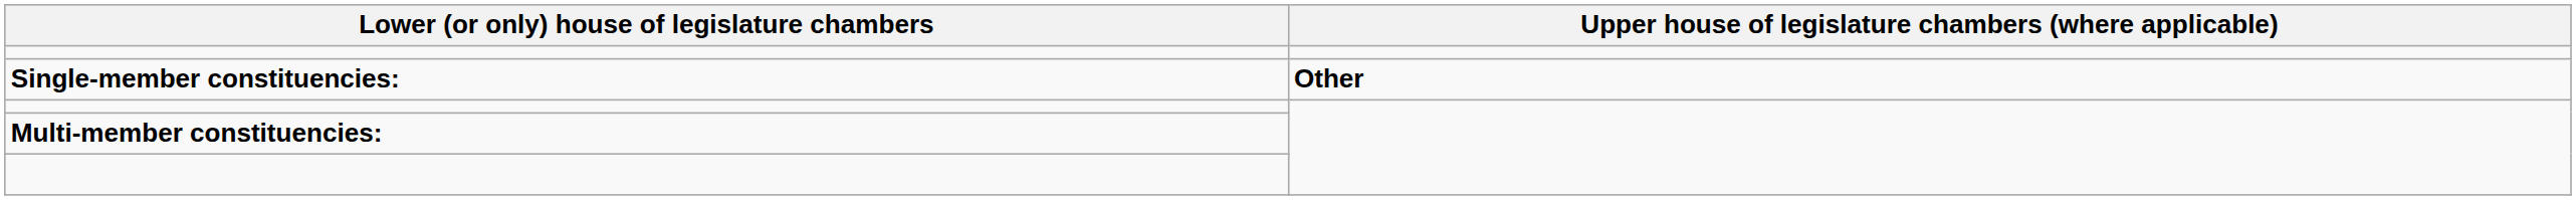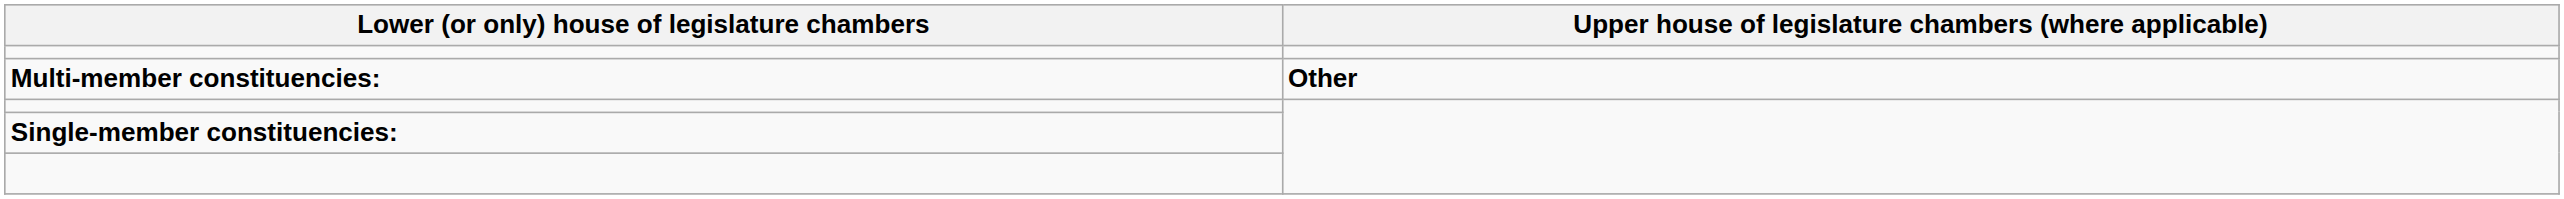 <table class="wikitable">
 <tr>
 <th>Lower (or only) house of legislature chambers</th>
 <th>Upper house of legislature chambers (where applicable)</th>
 </tr>
 <tr>
 <td></td>
 <td></td>
 </tr>
 <tr>
-<td width=25%><strong>Single-member constituencies:</strong></td>
+<td><strong>Multi-member constituencies:</strong></td>
 <td width="25%"><strong>Other</strong></td>
 </tr>
 <tr>
 <td>  </td>
 <td rowspan="3"> </td>
 </tr>
 <tr>
-<td><strong>Multi-member constituencies:</strong></td>
+<td width=25%><strong>Single-member constituencies:</strong></td>
 </tr>
 <tr>
 <td><br></td>
 </tr>
 </table>
